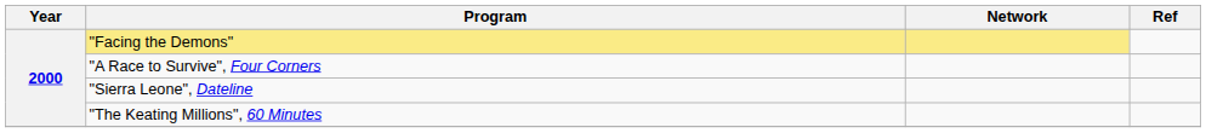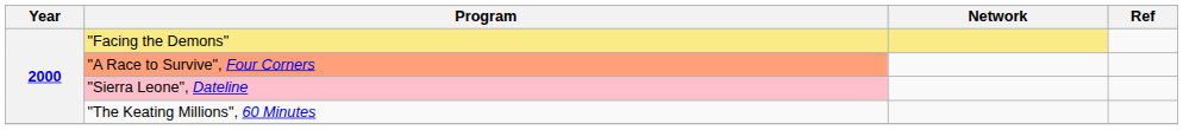 <table class="wikitable sortable">
 <tr style="background:#bebebe;">
 <th scope="col" style="width:1%;">Year</th>
 <th scope="col" style="width:16%;">Program</th>
 <th scope="col" style="width:4%;">Network</th>
 <th scope="col" style="width:1%;" class="unsortable">Ref</th>
 </tr>
 <tr>
 <th scope="row" rowspan="4" style="text-align:center"><a href='#'>2000</a></th>
 <td style="background:#FAEB86">"Facing the Demons"</td>
 <td style="background:#FAEB86"></td>
 <td></td>
 </tr>
 <tr>
-<td>"A Race to Survive", <em><a href='#'>Four Corners</a></em></td>
+<td style="background: lightsalmon;">"A Race to Survive", <em><a href='#'>Four Corners</a></em></td>
 <td></td>
 <td></td>
 </tr>
 <tr>
-<td>"Sierra Leone", <em><a href='#'>Dateline</a></em></td>
+<td style="background: pink;">"Sierra Leone", <em><a href='#'>Dateline</a></em></td>
 <td></td>
 <td></td>
 </tr>
 <tr>
 <td>"The Keating Millions", <em><a href='#'>60 Minutes</a></em></td>
 <td></td>
 <td></td>
 </tr>
 <tr>
 </tr>
 </table>
